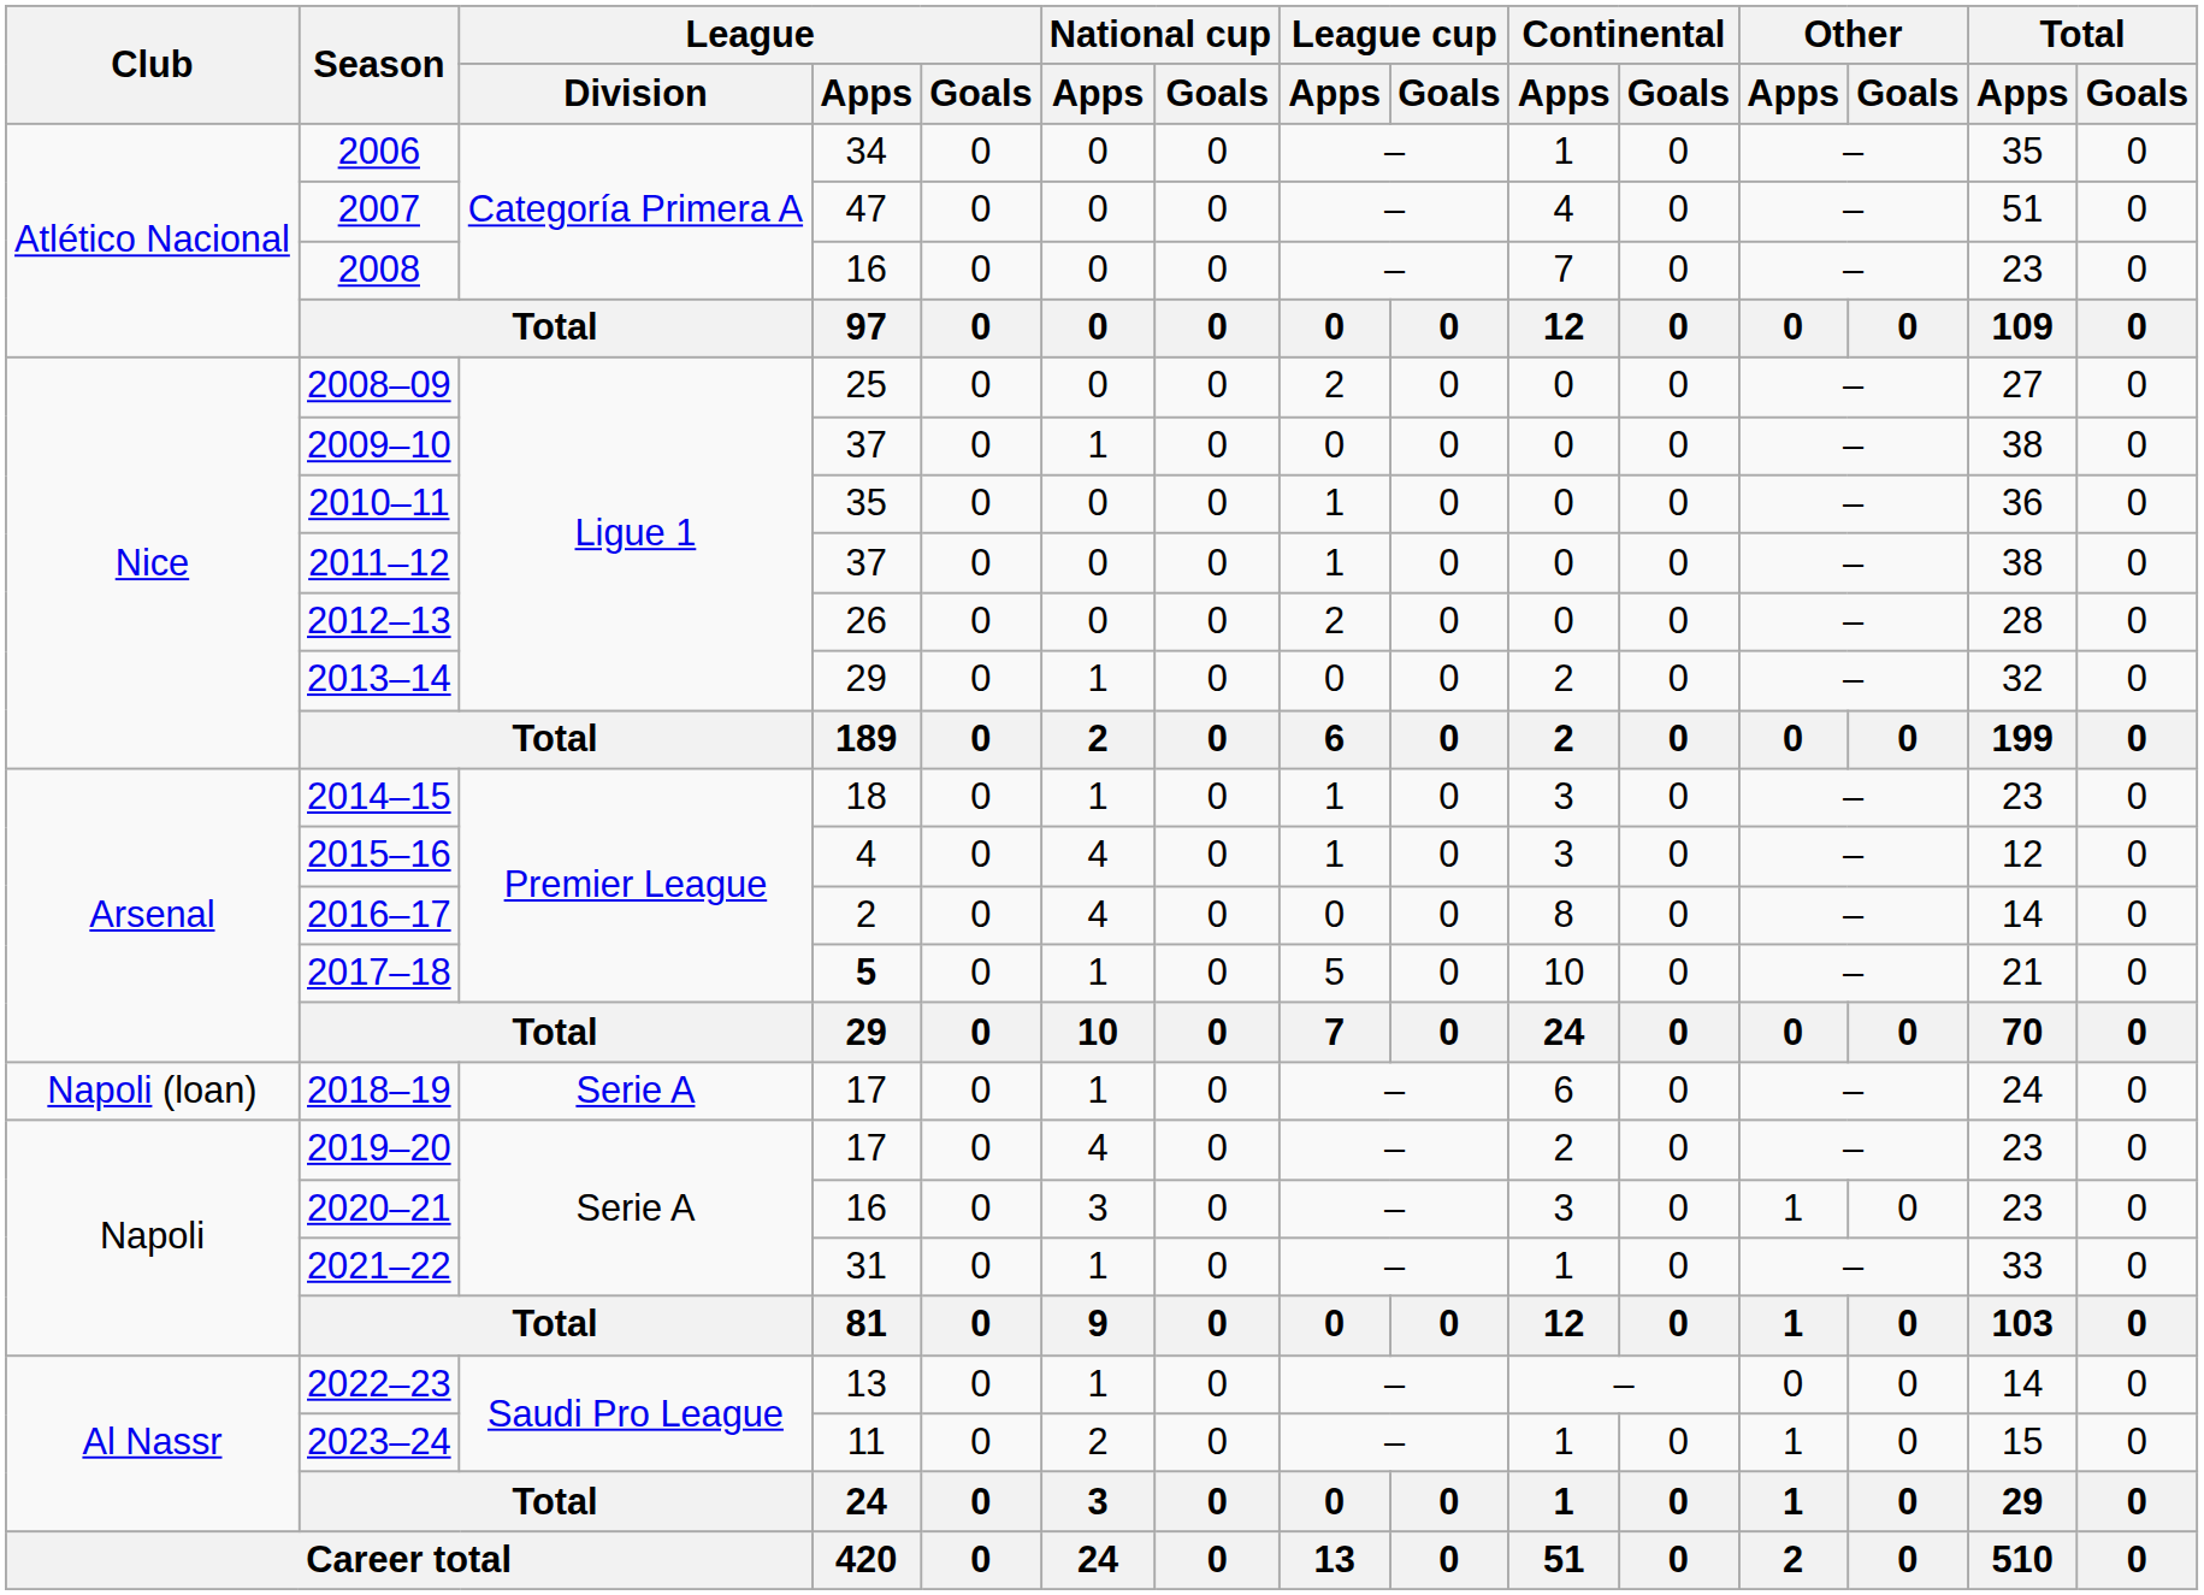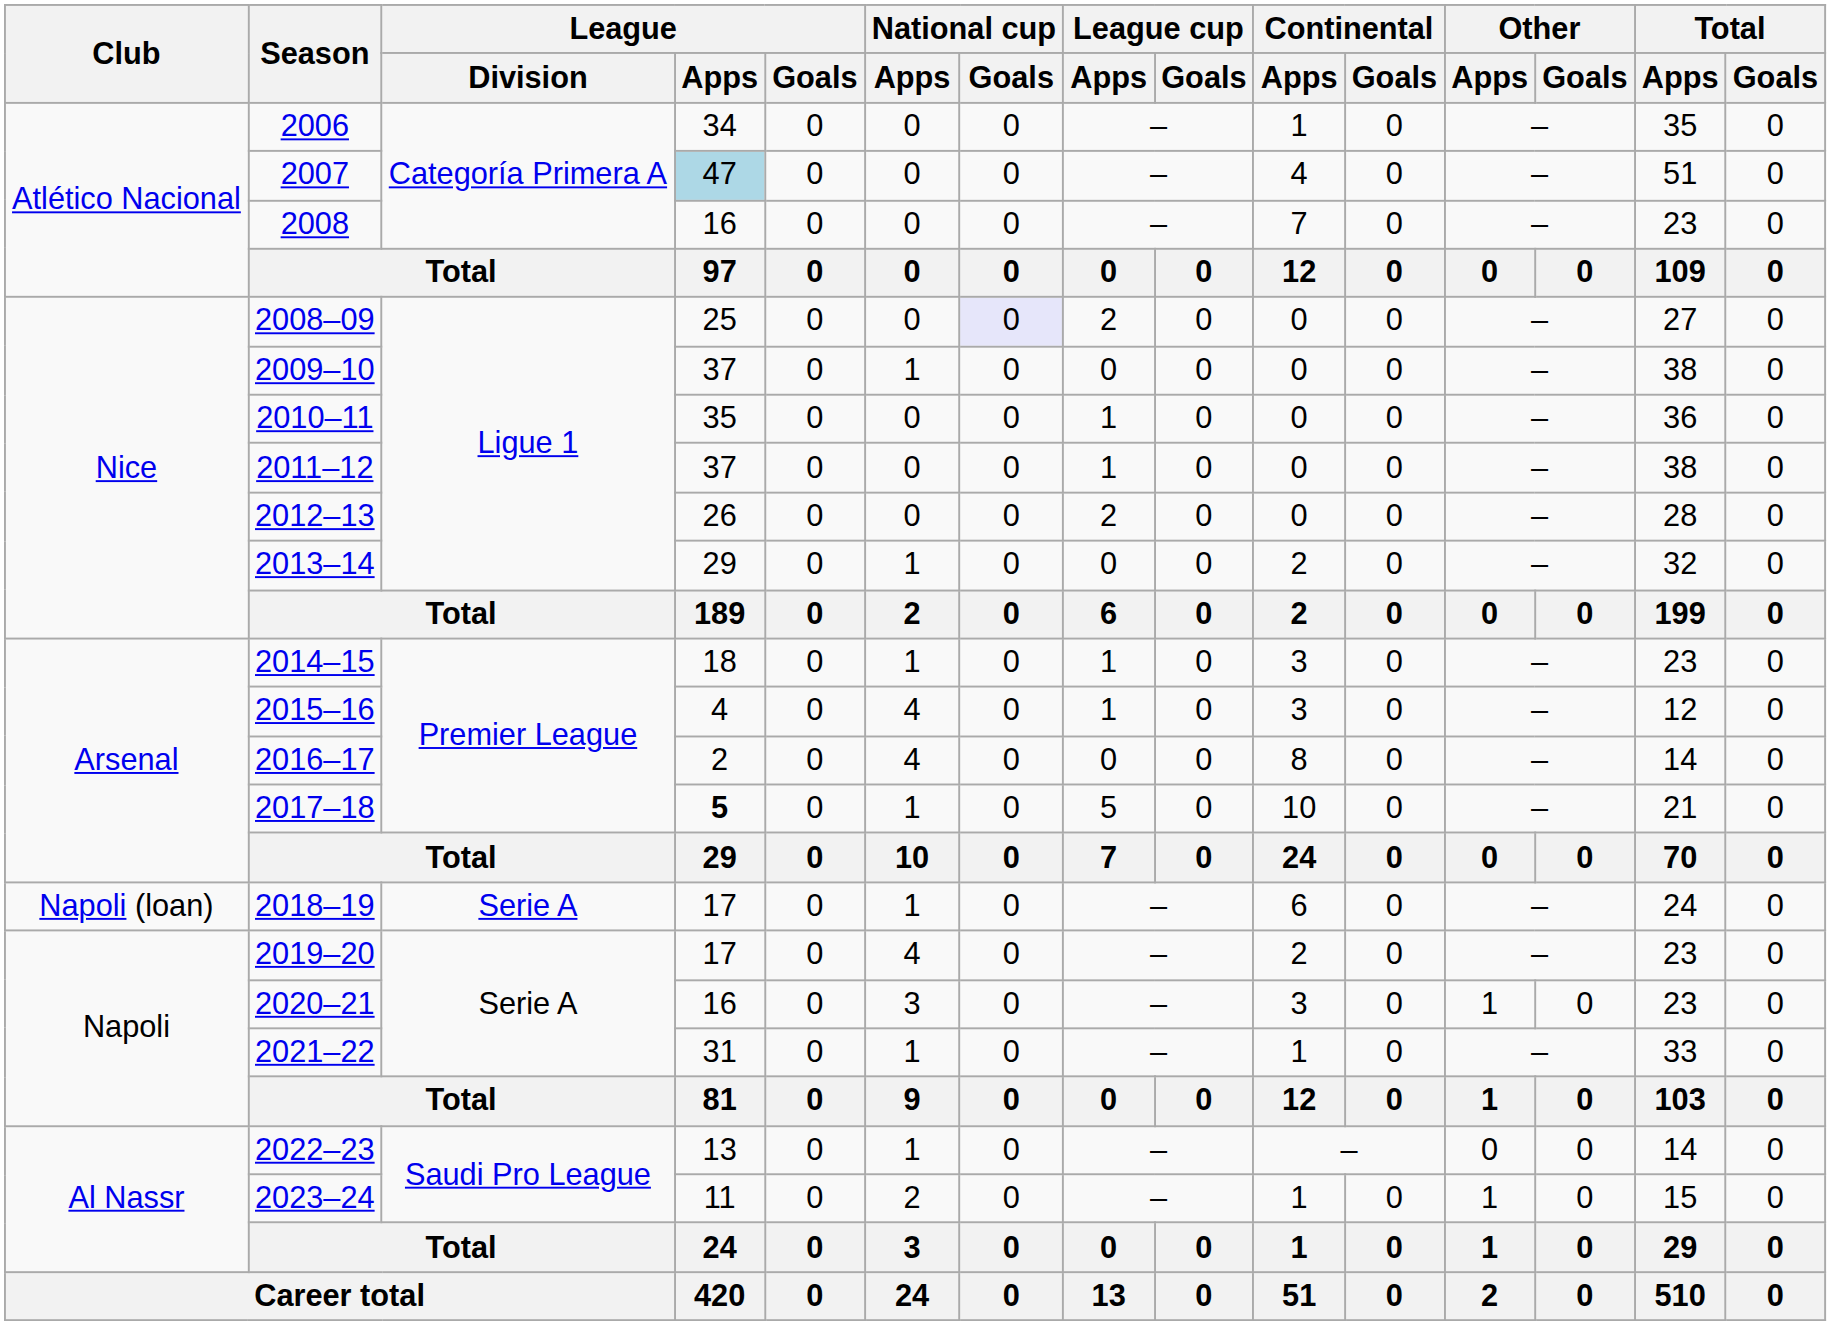 <table class="wikitable" style="text-align:center">
 <tr>
 <th rowspan="2">Club</th>
 <th rowspan="2">Season</th>
 <th colspan="3">League</th>
 <th colspan="2">National cup</th>
 <th colspan="2">League cup</th>
 <th colspan="2">Continental</th>
 <th colspan="2">Other</th>
 <th colspan="2">Total</th>
 </tr>
 <tr>
 <th>Division</th>
 <th>Apps</th>
 <th>Goals</th>
 <th>Apps</th>
 <th>Goals</th>
 <th>Apps</th>
 <th>Goals</th>
 <th>Apps</th>
 <th>Goals</th>
 <th>Apps</th>
 <th>Goals</th>
 <th>Apps</th>
 <th>Goals</th>
 </tr>
 <tr>
 <td rowspan="4"><a href='#'>Atlético Nacional</a></td>
 <td><a href='#'>2006</a></td>
 <td rowspan="3"><a href='#'>Categoría Primera A</a></td>
 <td>34</td>
 <td>0</td>
 <td>0</td>
 <td>0</td>
 <td colspan="2">–</td>
 <td>1</td>
 <td>0</td>
 <td colspan="2">–</td>
 <td>35</td>
 <td>0</td>
 </tr>
 <tr>
 <td><a href='#'>2007</a></td>
-<td>47</td>
+<td style="background: lightblue;">47</td>
 <td>0</td>
 <td>0</td>
 <td>0</td>
 <td colspan="2">–</td>
 <td>4</td>
 <td>0</td>
 <td colspan="2">–</td>
 <td>51</td>
 <td>0</td>
 </tr>
 <tr>
 <td><a href='#'>2008</a></td>
 <td>16</td>
 <td>0</td>
 <td>0</td>
 <td>0</td>
 <td colspan="2">–</td>
 <td>7</td>
 <td>0</td>
 <td colspan="2">–</td>
 <td>23</td>
 <td>0</td>
 </tr>
 <tr>
 <th colspan="2">Total</th>
 <th>97</th>
 <th>0</th>
 <th>0</th>
 <th>0</th>
 <th>0</th>
 <th>0</th>
 <th>12</th>
 <th>0</th>
 <th>0</th>
 <th>0</th>
 <th>109</th>
 <th>0</th>
 </tr>
 <tr>
 <td rowspan="7"><a href='#'>Nice</a></td>
 <td><a href='#'>2008–09</a></td>
 <td rowspan="6"><a href='#'>Ligue 1</a></td>
 <td>25</td>
 <td>0</td>
 <td>0</td>
-<td>0</td>
+<td style="background: lavender;">0</td>
 <td>2</td>
 <td>0</td>
 <td>0</td>
 <td>0</td>
 <td colspan="2">–</td>
 <td>27</td>
 <td>0</td>
 </tr>
 <tr>
 <td><a href='#'>2009–10</a></td>
 <td>37</td>
 <td>0</td>
 <td>1</td>
 <td>0</td>
 <td>0</td>
 <td>0</td>
 <td>0</td>
 <td>0</td>
 <td colspan="2">–</td>
 <td>38</td>
 <td>0</td>
 </tr>
 <tr>
 <td><a href='#'>2010–11</a></td>
 <td>35</td>
 <td>0</td>
 <td>0</td>
 <td>0</td>
 <td>1</td>
 <td>0</td>
 <td>0</td>
 <td>0</td>
 <td colspan="2">–</td>
 <td>36</td>
 <td>0</td>
 </tr>
 <tr>
 <td><a href='#'>2011–12</a></td>
 <td>37</td>
 <td>0</td>
 <td>0</td>
 <td>0</td>
 <td>1</td>
 <td>0</td>
 <td>0</td>
 <td>0</td>
 <td colspan="2">–</td>
 <td>38</td>
 <td>0</td>
 </tr>
 <tr>
 <td><a href='#'>2012–13</a></td>
 <td>26</td>
 <td>0</td>
 <td>0</td>
 <td>0</td>
 <td>2</td>
 <td>0</td>
 <td>0</td>
 <td>0</td>
 <td colspan="2">–</td>
 <td>28</td>
 <td>0</td>
 </tr>
 <tr>
 <td><a href='#'>2013–14</a></td>
 <td>29</td>
 <td>0</td>
 <td>1</td>
 <td>0</td>
 <td>0</td>
 <td>0</td>
 <td>2</td>
 <td>0</td>
 <td colspan="2">–</td>
 <td>32</td>
 <td>0</td>
 </tr>
 <tr>
 <th colspan="2">Total</th>
 <th>189</th>
 <th>0</th>
 <th>2</th>
 <th>0</th>
 <th>6</th>
 <th>0</th>
 <th>2</th>
 <th>0</th>
 <th>0</th>
 <th>0</th>
 <th>199</th>
 <th>0</th>
 </tr>
 <tr>
 <td rowspan="5"><a href='#'>Arsenal</a></td>
 <td><a href='#'>2014–15</a></td>
 <td rowspan="4"><a href='#'>Premier League</a></td>
 <td>18</td>
 <td>0</td>
 <td>1</td>
 <td>0</td>
 <td>1</td>
 <td>0</td>
 <td>3</td>
 <td>0</td>
 <td colspan="2">–</td>
 <td>23</td>
 <td>0</td>
 </tr>
 <tr>
 <td><a href='#'>2015–16</a></td>
 <td>4</td>
 <td>0</td>
 <td>4</td>
 <td>0</td>
 <td>1</td>
 <td>0</td>
 <td>3</td>
 <td>0</td>
 <td colspan="2">–</td>
 <td>12</td>
 <td>0</td>
 </tr>
 <tr>
 <td><a href='#'>2016–17</a></td>
 <td>2</td>
 <td>0</td>
 <td>4</td>
 <td>0</td>
 <td>0</td>
 <td>0</td>
 <td>8</td>
 <td>0</td>
 <td colspan="2">–</td>
 <td>14</td>
 <td>0</td>
 </tr>
 <tr>
 <td><a href='#'>2017–18</a></td>
 <td><strong>5</strong></td>
 <td>0</td>
 <td>1</td>
 <td>0</td>
 <td>5</td>
 <td>0</td>
 <td>10</td>
 <td>0</td>
 <td colspan="2">–</td>
 <td>21</td>
 <td>0</td>
 </tr>
 <tr>
 <th colspan="2">Total</th>
 <th>29</th>
 <th>0</th>
 <th>10</th>
 <th>0</th>
 <th>7</th>
 <th>0</th>
 <th>24</th>
 <th>0</th>
 <th>0</th>
 <th>0</th>
 <th>70</th>
 <th>0</th>
 </tr>
 <tr>
 <td><a href='#'>Napoli</a> (loan)</td>
 <td><a href='#'>2018–19</a></td>
 <td><a href='#'>Serie A</a></td>
 <td>17</td>
 <td>0</td>
 <td>1</td>
 <td>0</td>
 <td colspan="2">–</td>
 <td>6</td>
 <td>0</td>
 <td colspan="2">–</td>
 <td>24</td>
 <td>0</td>
 </tr>
 <tr>
 <td rowspan="4">Napoli</td>
 <td><a href='#'>2019–20</a></td>
 <td rowspan="3">Serie A</td>
 <td>17</td>
 <td>0</td>
 <td>4</td>
 <td>0</td>
 <td colspan="2">–</td>
 <td>2</td>
 <td>0</td>
 <td colspan="2">–</td>
 <td>23</td>
 <td>0</td>
 </tr>
 <tr>
 <td><a href='#'>2020–21</a></td>
 <td>16</td>
 <td>0</td>
 <td>3</td>
 <td>0</td>
 <td colspan="2">–</td>
 <td>3</td>
 <td>0</td>
 <td>1</td>
 <td>0</td>
 <td>23</td>
 <td>0</td>
 </tr>
 <tr>
 <td><a href='#'>2021–22</a></td>
 <td>31</td>
 <td>0</td>
 <td>1</td>
 <td>0</td>
 <td colspan="2">–</td>
 <td>1</td>
 <td>0</td>
 <td colspan="2">–</td>
 <td>33</td>
 <td>0</td>
 </tr>
 <tr>
 <th colspan="2">Total</th>
 <th>81</th>
 <th>0</th>
 <th>9</th>
 <th>0</th>
 <th>0</th>
 <th>0</th>
 <th>12</th>
 <th>0</th>
 <th>1</th>
 <th>0</th>
 <th>103</th>
 <th>0</th>
 </tr>
 <tr>
 <td rowspan="3"><a href='#'>Al Nassr</a></td>
 <td><a href='#'>2022–23</a></td>
 <td rowspan="2"><a href='#'>Saudi Pro League</a></td>
 <td>13</td>
 <td>0</td>
 <td>1</td>
 <td>0</td>
 <td colspan="2">–</td>
 <td colspan="2">–</td>
 <td>0</td>
 <td>0</td>
 <td>14</td>
 <td>0</td>
 </tr>
 <tr>
 <td><a href='#'>2023–24</a></td>
 <td>11</td>
 <td>0</td>
 <td>2</td>
 <td>0</td>
 <td colspan="2">–</td>
 <td>1</td>
 <td>0</td>
 <td>1</td>
 <td>0</td>
 <td>15</td>
 <td>0</td>
 </tr>
 <tr>
 <th colspan="2">Total</th>
 <th>24</th>
 <th>0</th>
 <th>3</th>
 <th>0</th>
 <th>0</th>
 <th>0</th>
 <th>1</th>
 <th>0</th>
 <th>1</th>
 <th>0</th>
 <th>29</th>
 <th>0</th>
 </tr>
 <tr>
 <th colspan="3">Career total</th>
 <th>420</th>
 <th>0</th>
 <th>24</th>
 <th>0</th>
 <th>13</th>
 <th>0</th>
 <th>51</th>
 <th>0</th>
 <th>2</th>
 <th>0</th>
 <th>510</th>
 <th>0</th>
 </tr>
 </table>
